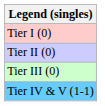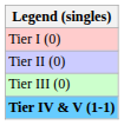 <table class="wikitable">
 <tr>
 <th>Legend (singles)</th>
 </tr>
 <tr>
 <td bgcolor=#ffcccc>Tier I (0)</td>
 </tr>
 <tr>
 <td bgcolor=#ccccff>Tier II (0)</td>
 </tr>
 <tr>
 <td bgcolor=#CCFFCC>Tier III (0)</td>
 </tr>
 <tr>
-<td bgcolor=#66CCFF>Tier IV & V (1-1)</td>
+<td bgcolor=#66CCFF><strong>Tier IV & V (1-1)</strong></td>
 </tr>
 </table>
